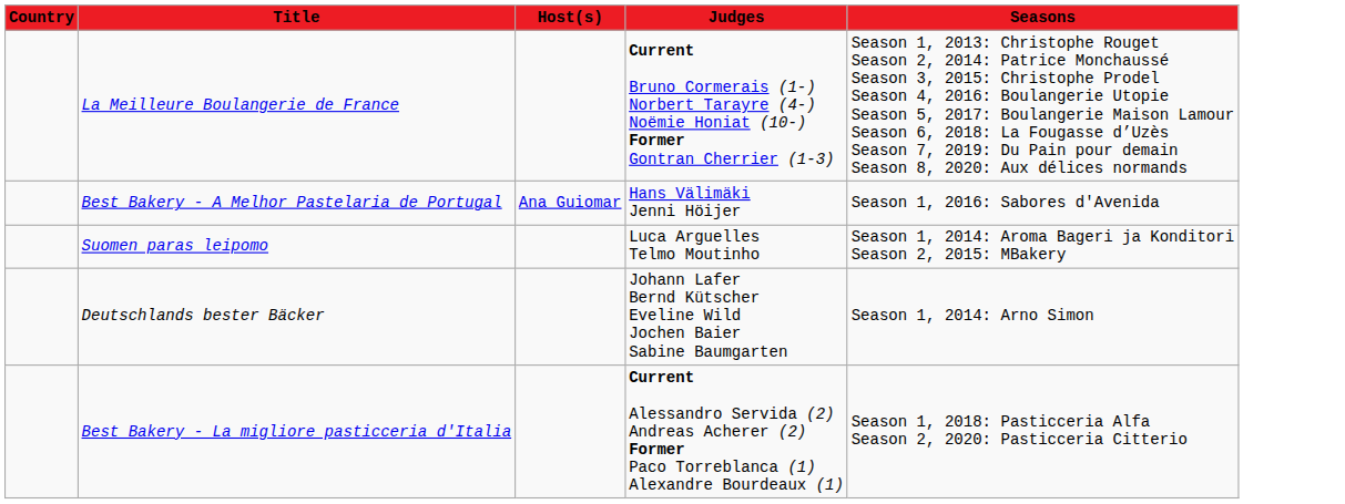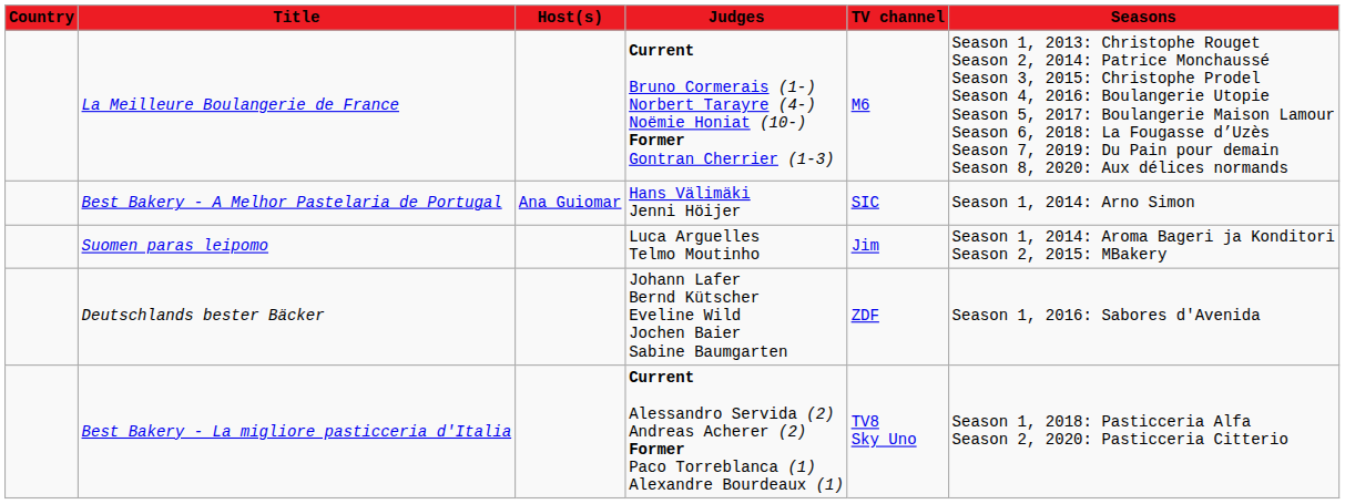 <table class="wikitable sortable">
 <tr>
 <th style="background:#ED1C24">Country</th>
 <th style="background:#ED1C24">Title</th>
 <th style="background:#ED1C24">Host(s)</th>
 <th style="background:#ED1C24">Judges</th>
+<th style="background:#ED1C24">TV channel</th>
 <th style="background:#ED1C24">Seasons</th>
 </tr>
 <tr>
 <td></td>
 <td><em><a href='#'>La Meilleure Boulangerie de France</a></em></td>
 <td></td>
 <td><strong>Current</strong><br><br><a href='#'>Bruno Cormerais</a> <em>(1-)</em><br> <a href='#'>Norbert Tarayre</a> <em>(4-)</em><br> <a href='#'>Noëmie Honiat</a> <em>(10-)</em><br> <strong>Former</strong><br> <a href='#'>Gontran Cherrier</a> <em>(1-3)</em><br></td>
+<td><a href='#'>M6</a></td>
 <td>Season 1, 2013: Christophe Rouget<br>Season 2, 2014: Patrice Monchaussé<br> Season 3, 2015: Christophe Prodel<br>Season 4, 2016: Boulangerie Utopie<br>Season 5, 2017: Boulangerie Maison Lamour<br>Season 6, 2018: La Fougasse d’Uzès<br>Season 7, 2019: Du Pain pour demain<br>Season 8, 2020: Aux délices normands</td>
 </tr>
 <tr>
 <td></td>
 <td><em><a href='#'>Best Bakery - A Melhor Pastelaria de Portugal</a></em></td>
 <td><a href='#'>Ana Guiomar</a></td>
 <td><a href='#'>Hans Välimäki</a><br>Jenni Höijer</td>
-<td>Season 1, 2016: Sabores d'Avenida</td>
+<td><a href='#'>SIC</a></td>
+<td>Season 1, 2014: Arno Simon</td>
 </tr>
 <tr>
 <td></td>
 <td><em><a href='#'>Suomen paras leipomo</a></em></td>
 <td></td>
 <td>Luca Arguelles<br>Telmo Moutinho</td>
+<td><a href='#'>Jim</a></td>
 <td>Season 1, 2014: Aroma Bageri ja Konditori<br>Season 2, 2015: MBakery</td>
 </tr>
 <tr>
 <td></td>
 <td><em>Deutschlands bester Bäcker</em></td>
 <td></td>
 <td>Johann Lafer<br>Bernd Kütscher<br>Eveline Wild<br>Jochen Baier<br>Sabine Baumgarten</td>
-<td>Season 1, 2014: Arno Simon</td>
+<td><a href='#'>ZDF</a></td>
+<td>Season 1, 2016: Sabores d'Avenida</td>
 </tr>
 <tr>
 <td></td>
 <td><em><a href='#'>Best Bakery - La migliore pasticceria d'Italia</a></em></td>
 <td></td>
 <td><strong>Current</strong><br><br>Alessandro Servida <em>(2)</em><br> Andreas Acherer <em>(2)</em><br> <strong>Former</strong><br> Paco Torreblanca <em>(1)</em><br>Alexandre Bourdeaux <em>(1)</em></td>
+<td><a href='#'>TV8</a><br><a href='#'>Sky Uno</a></td>
 <td>Season 1, 2018: Pasticceria Alfa<br>Season 2, 2020: Pasticceria Citterio</td>
 </tr>
 </table>
